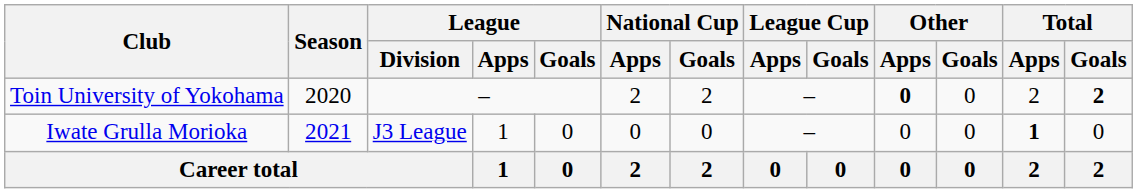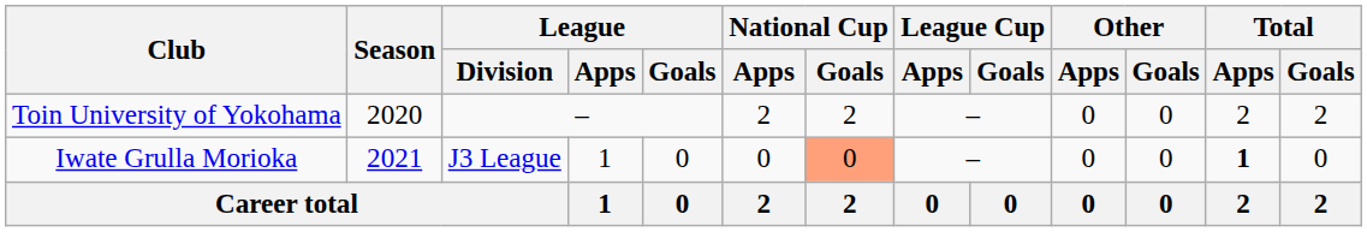 <table class="wikitable" style="text-align: center">
 <tr>
 <th rowspan="2">Club</th>
 <th rowspan="2">Season</th>
 <th colspan="3">League</th>
 <th colspan="2">National Cup</th>
 <th colspan="2">League Cup</th>
 <th colspan="2">Other</th>
 <th colspan="2">Total</th>
 </tr>
 <tr>
 <th>Division</th>
 <th>Apps</th>
 <th>Goals</th>
 <th>Apps</th>
 <th>Goals</th>
 <th>Apps</th>
 <th>Goals</th>
 <th>Apps</th>
 <th>Goals</th>
 <th>Apps</th>
 <th>Goals</th>
 </tr>
 <tr>
 <td><a href='#'>Toin University of Yokohama</a></td>
 <td>2020</td>
 <td colspan="3">–</td>
 <td>2</td>
 <td>2</td>
 <td colspan="2">–</td>
-<td><strong>0</strong></td>
+<td>0</td>
 <td>0</td>
 <td>2</td>
-<td><strong>2</strong></td>
+<td>2</td>
 </tr>
 <tr>
 <td><a href='#'>Iwate Grulla Morioka</a></td>
 <td><a href='#'>2021</a></td>
 <td><a href='#'>J3 League</a></td>
 <td>1</td>
 <td>0</td>
 <td>0</td>
-<td>0</td>
+<td style="background: lightsalmon;">0</td>
 <td colspan="2">–</td>
 <td>0</td>
 <td>0</td>
 <td><strong>1</strong></td>
 <td>0</td>
 </tr>
 <tr>
 <th colspan=3>Career total</th>
 <th>1</th>
 <th>0</th>
 <th>2</th>
 <th>2</th>
 <th>0</th>
 <th>0</th>
 <th>0</th>
 <th>0</th>
 <th>2</th>
 <th>2</th>
 </tr>
 </table>
